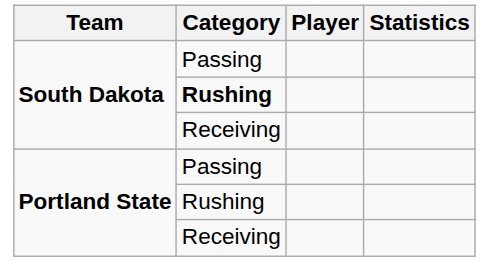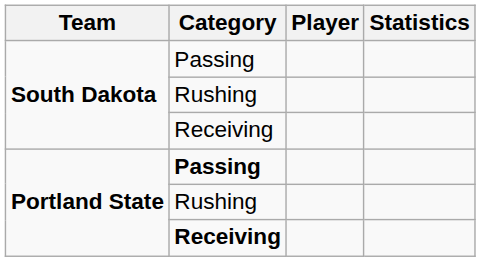 <table class="wikitable" style="float: right;">
 <tr>
 <th>Team</th>
 <th>Category</th>
 <th>Player</th>
 <th>Statistics</th>
 </tr>
 <tr>
 <td rowspan=3><strong>South Dakota</strong></td>
 <td>Passing</td>
 <td></td>
 <td></td>
 </tr>
 <tr>
-<td><strong>Rushing</strong></td>
+<td>Rushing</td>
 <td></td>
 <td></td>
 </tr>
 <tr>
 <td>Receiving</td>
 <td></td>
 <td></td>
 </tr>
 <tr>
 <td rowspan=3><strong>Portland State</strong></td>
-<td>Passing</td>
+<td><strong>Passing</strong></td>
 <td></td>
 <td></td>
 </tr>
 <tr>
 <td>Rushing</td>
 <td></td>
 <td></td>
 </tr>
 <tr>
-<td>Receiving</td>
+<td><strong>Receiving</strong></td>
 <td></td>
 <td></td>
 </tr>
 </table>
